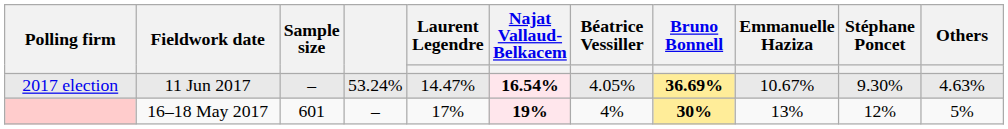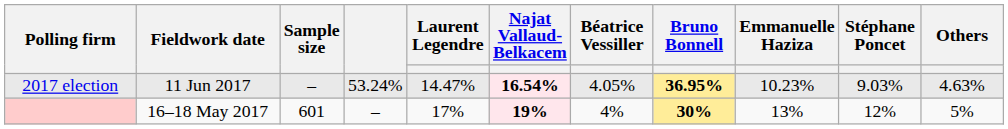 <table class="wikitable sortable" style="text-align:center;font-size:90%;line-height:14px;">
 <tr style="height:40px;">
 <th style="width:100px;" rowspan="2">Polling firm</th>
 <th style="width:110px;" rowspan="2">Fieldwork date</th>
 <th style="width:35px;" rowspan="2">Sample<br>size</th>
 <th style="width:30px;" rowspan="2"></th>
 <th class="unsortable" style="width:60px;">Laurent Legendre<br></th>
 <th class="unsortable" style="width:60px;"><a href='#'>Najat Vallaud-Belkacem</a><br></th>
 <th class="unsortable" style="width:60px;">Béatrice Vessiller<br></th>
 <th class="unsortable" style="width:60px;"><a href='#'>Bruno Bonnell</a><br></th>
 <th class="unsortable" style="width:60px;">Emmanuelle Haziza<br></th>
 <th class="unsortable" style="width:60px;">Stéphane Poncet<br></th>
 <th class="unsortable" style="width:60px;">Others</th>
 </tr>
 <tr>
 <th style="background:"></th>
 <th style="background:"></th>
 <th style="background:"></th>
 <th style="background:"></th>
 <th style="background:"></th>
 <th style="background:"></th>
 <th style="background:"></th>
 </tr>
 <tr style="background:#E9E9E9;">
 <td><a href='#'>2017 election</a></td>
 <td data-sort-value="2017-06-11">11 Jun 2017</td>
 <td>–</td>
 <td>53.24%</td>
 <td>14.47%</td>
 <td style="background:#FFE6EC;"><strong>16.54%</strong></td>
 <td>4.05%</td>
-<td style="background:#FFED99;"><strong>36.69%</strong></td>
-<td>10.67%</td>
-<td>9.30%</td>
+<td style="background:#FFED99;"><strong>36.95%</strong></td>
+<td>10.23%</td>
+<td>9.03%</td>
 <td>4.63%</td>
 </tr>
 <tr>
 <td style="background:#FFCCCC;"></td>
 <td data-sort-value="2017-05-18">16–18 May 2017</td>
 <td>601</td>
 <td>–</td>
 <td>17%</td>
 <td style="background:#FFE6EC;"><strong>19%</strong></td>
 <td>4%</td>
 <td style="background:#FFED99;"><strong>30%</strong></td>
 <td>13%</td>
 <td>12%</td>
 <td>5%</td>
 </tr>
 </table>
